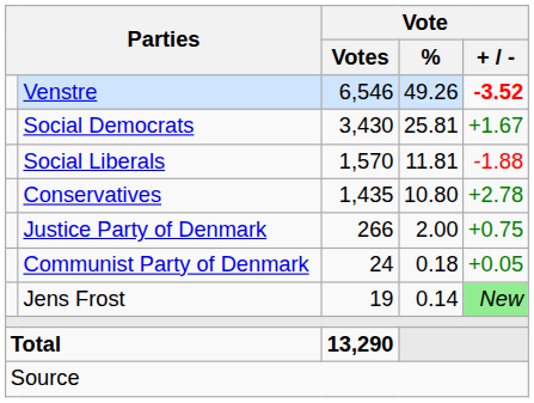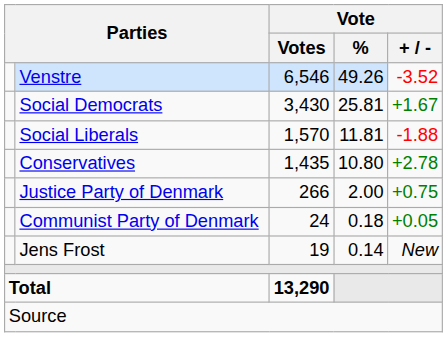 <table class="wikitable" style="text-align:right;">
 <tr>
 <th style="text-align:centre;" rowspan="2" colspan="2" width="225">Parties</th>
 <th colspan="3">Vote</th>
 </tr>
 <tr>
 <th width="15">Votes</th>
 <th width="15">%</th>
 <th width="15">+ / -</th>
 </tr>
 <tr>
 <td width="2" style="color:inherit;background:"></td>
 <td bgcolor=#cfe5fe  align="left"><a href='#'>Venstre</a></td>
 <td bgcolor=#cfe5fe>6,546</td>
 <td bgcolor=#cfe5fe>49.26</td>
-<td style=color:red;><strong>-3.52</strong></td>
+<td style=color:red;>-3.52</td>
 </tr>
 <tr>
 <td width="2" style="color:inherit;background:"></td>
 <td align="left"><a href='#'>Social Democrats</a></td>
 <td>3,430</td>
 <td>25.81</td>
 <td style=color:green;>+1.67</td>
 </tr>
 <tr>
 <td width="2" style="color:inherit;background:"></td>
 <td align="left"><a href='#'>Social Liberals</a></td>
 <td>1,570</td>
 <td>11.81</td>
 <td style=color:red;>-1.88</td>
 </tr>
 <tr>
 <td width="2" style="color:inherit;background:"></td>
 <td align="left"><a href='#'>Conservatives</a></td>
 <td>1,435</td>
 <td>10.80</td>
 <td style=color:green;>+2.78</td>
 </tr>
 <tr>
 <td width="2" style="color:inherit;background:"></td>
 <td align="left"><a href='#'>Justice Party of Denmark</a></td>
 <td>266</td>
 <td>2.00</td>
 <td style=color:green;>+0.75</td>
 </tr>
 <tr>
 <td width="2" style="color:inherit;background:"></td>
 <td align="left"><a href='#'>Communist Party of Denmark</a></td>
 <td>24</td>
 <td>0.18</td>
 <td style=color:green;>+0.05</td>
 </tr>
 <tr>
 <td width="2" style="color:inherit;background:"></td>
 <td align="left">Jens Frost</td>
 <td>19</td>
 <td>0.14</td>
-<td style="background: lightgreen;"><em>New</em></td>
+<td><em>New</em></td>
 </tr>
 <tr>
 <td colspan="7" bgcolor="#E9E9E9"></td>
 </tr>
 <tr>
 <td align="left" colspan="2"><strong>Total</strong></td>
 <td><strong>13,290</strong></td>
 <td bgcolor="#E9E9E9" colspan="2"></td>
 </tr>
 <tr>
 <td align="left" colspan="6">Source</td>
 </tr>
 </table>
